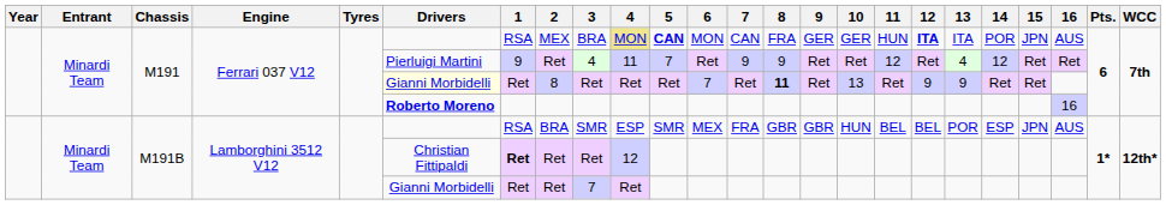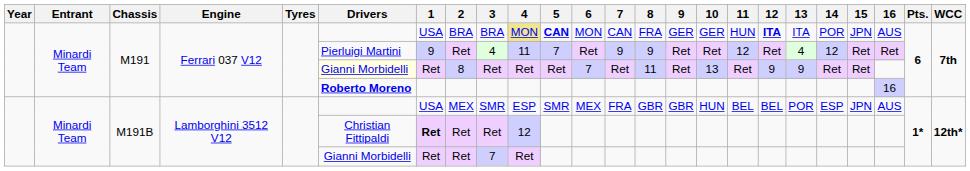 <table class="wikitable" style="text-align:center; font-size:95%">
 <tr>
 <th>Year</th>
 <th>Entrant</th>
 <th>Chassis</th>
 <th>Engine</th>
 <th>Tyres</th>
 <th>Drivers</th>
 <th>1</th>
 <th>2</th>
 <th>3</th>
 <th>4</th>
 <th>5</th>
 <th>6</th>
 <th>7</th>
 <th>8</th>
 <th>9</th>
 <th>10</th>
 <th>11</th>
 <th>12</th>
 <th>13</th>
 <th>14</th>
 <th>15</th>
 <th>16</th>
 <th>Pts.</th>
 <th>WCC</th>
 </tr>
 <tr>
 <td rowspan="4"></td>
 <td rowspan="4"><a href='#'>Minardi Team</a></td>
 <td rowspan="4">M191</td>
 <td rowspan="4"><a href='#'>Ferrari</a> 037 <a href='#'>V12</a></td>
 <td rowspan="4"></td>
 <td></td>
-<td><a href='#'>RSA</a></td>
-<td><a href='#'>MEX</a></td>
+<td><a href='#'>USA</a></td>
+<td><a href='#'>BRA</a></td>
 <td><a href='#'>BRA</a></td>
 <td style="background: khaki;"><a href='#'>MON</a></td>
 <td><strong><a href='#'>CAN</a></strong></td>
 <td><a href='#'>MON</a></td>
 <td><a href='#'>CAN</a></td>
 <td><a href='#'>FRA</a></td>
 <td><a href='#'>GER</a></td>
 <td><a href='#'>GER</a></td>
 <td><a href='#'>HUN</a></td>
 <td><strong><a href='#'>ITA</a></strong></td>
 <td><a href='#'>ITA</a></td>
 <td><a href='#'>POR</a></td>
 <td><a href='#'>JPN</a></td>
 <td><a href='#'>AUS</a></td>
 <td rowspan="4"><strong>6</strong></td>
 <td rowspan="4"><strong>7th</strong></td>
 </tr>
 <tr>
 <td align="left"> <a href='#'>Pierluigi Martini</a></td>
 <td style="background:#cfcfff;">9</td>
 <td style="background:#efcfff;">Ret</td>
 <td style="background:#dfffdf;">4</td>
 <td style="background:#cfcfff;">11</td>
 <td style="background:#cfcfff;">7</td>
 <td style="background:#efcfff;">Ret</td>
 <td style="background:#cfcfff;">9</td>
 <td style="background:#cfcfff;">9</td>
 <td style="background:#efcfff;">Ret</td>
 <td style="background:#efcfff;">Ret</td>
 <td style="background:#cfcfff;">12</td>
 <td style="background:#efcfff;">Ret</td>
 <td style="background:#dfffdf;">4</td>
 <td style="background:#cfcfff;">12</td>
 <td style="background:#efcfff;">Ret</td>
 <td style="background:#efcfff;">Ret</td>
 </tr>
 <tr>
 <td align="left" style="background: lightyellow;"> <a href='#'>Gianni Morbidelli</a></td>
 <td style="background:#EFCFFF;">Ret</td>
 <td style="background:#cfcfff;">8</td>
 <td style="background:#efcfff;">Ret</td>
 <td style="background:#efcfff;">Ret</td>
 <td style="background:#efcfff;">Ret</td>
 <td style="background:#cfcfff;">7</td>
 <td style="background:#efcfff;">Ret</td>
-<td style="background:#cfcfff;"><strong>11</strong></td>
+<td style="background:#cfcfff;">11</td>
 <td style="background:#efcfff;">Ret</td>
 <td style="background:#cfcfff;">13</td>
 <td style="background:#efcfff;">Ret</td>
 <td style="background:#cfcfff;">9</td>
 <td style="background:#cfcfff;">9</td>
 <td style="background:#efcfff;">Ret</td>
 <td style="background:#efcfff;">Ret</td>
 <td></td>
 </tr>
 <tr>
 <td align="left"><strong> <a href='#'>Roberto Moreno</a></strong></td>
 <td></td>
 <td></td>
 <td></td>
 <td></td>
 <td></td>
 <td></td>
 <td></td>
 <td></td>
 <td></td>
 <td></td>
 <td></td>
 <td></td>
 <td></td>
 <td></td>
 <td></td>
 <td style="background:#CFCFFF;">16</td>
 </tr>
 <tr>
 <td rowspan="3"></td>
 <td rowspan="3"><a href='#'>Minardi Team</a></td>
 <td rowspan="3">M191B</td>
 <td rowspan="3"><a href='#'>Lamborghini 3512</a> <a href='#'>V12</a></td>
 <td rowspan="3"></td>
 <td></td>
-<td><a href='#'>RSA</a></td>
-<td><a href='#'>BRA</a></td>
+<td><a href='#'>USA</a></td>
+<td><a href='#'>MEX</a></td>
 <td><a href='#'>SMR</a></td>
 <td><a href='#'>ESP</a></td>
 <td><a href='#'>SMR</a></td>
 <td><a href='#'>MEX</a></td>
 <td><a href='#'>FRA</a></td>
 <td><a href='#'>GBR</a></td>
 <td><a href='#'>GBR</a></td>
 <td><a href='#'>HUN</a></td>
 <td><a href='#'>BEL</a></td>
 <td><a href='#'>BEL</a></td>
 <td><a href='#'>POR</a></td>
 <td><a href='#'>ESP</a></td>
 <td><a href='#'>JPN</a></td>
 <td><a href='#'>AUS</a></td>
 <td rowspan="4"><strong>1*</strong></td>
 <td rowspan="4"><strong>12th*</strong></td>
 </tr>
 <tr>
 <td> <a href='#'>Christian Fittipaldi</a></td>
 <td style="background:#efcfff;"><strong>Ret</strong></td>
 <td style="background:#efcfff;">Ret</td>
 <td style="background:#efcfff;">Ret</td>
 <td style="background:#cfcfff;">12</td>
 <td></td>
 <td></td>
 <td></td>
 <td></td>
 <td></td>
 <td></td>
 <td></td>
 <td></td>
 <td></td>
 <td></td>
 <td></td>
 <td></td>
 </tr>
 <tr>
 <td> <a href='#'>Gianni Morbidelli</a></td>
 <td style="background:#efcfff;">Ret</td>
 <td style="background:#efcfff;">Ret</td>
 <td style="background:#cfcfff;">7</td>
 <td style="background:#efcfff;">Ret</td>
 <td></td>
 <td></td>
 <td></td>
 <td></td>
 <td></td>
 <td></td>
 <td></td>
 <td></td>
 <td></td>
 <td></td>
 <td></td>
 <td></td>
 </tr>
 </table>
